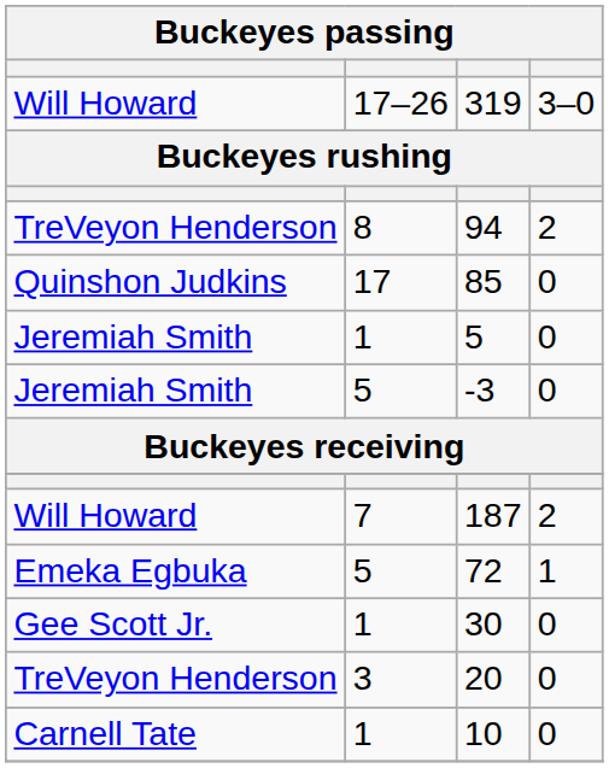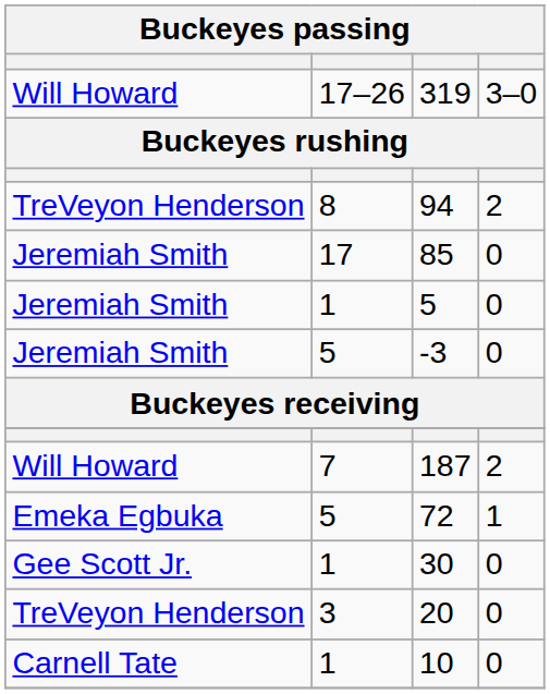 <table class="wikitable plainrowheaders">
 <tr>
 <th colspan="6">Buckeyes passing</th>
 </tr>
 <tr>
 <th scope="col"></th>
 <th scope="col"></th>
 <th scope="col"></th>
 <th scope="col"></th>
 </tr>
 <tr>
 <td><a href='#'>Will Howard</a></td>
 <td>17–26</td>
 <td>319</td>
 <td>3–0</td>
 </tr>
 <tr>
 <th colspan="6">Buckeyes rushing</th>
 </tr>
 <tr>
 <th scope="col"></th>
 <th scope="col"></th>
 <th scope="col"></th>
 <th scope="col"></th>
 </tr>
 <tr>
 <td><a href='#'>TreVeyon Henderson</a></td>
 <td>8</td>
 <td>94</td>
 <td>2</td>
 </tr>
 <tr>
-<td><a href='#'>Quinshon Judkins</a></td>
+<td><a href='#'>Jeremiah Smith</a></td>
 <td>17</td>
 <td>85</td>
 <td>0</td>
 </tr>
 <tr>
 <td><a href='#'>Jeremiah Smith</a></td>
 <td>1</td>
 <td>5</td>
 <td>0</td>
 </tr>
 <tr>
 <td><a href='#'>Jeremiah Smith</a></td>
 <td>5</td>
 <td>-3</td>
 <td>0</td>
 </tr>
 <tr>
 <th colspan="6">Buckeyes receiving</th>
 </tr>
 <tr>
 </tr>
 <tr>
 <th scope="col"></th>
 <th scope="col"></th>
 <th scope="col"></th>
 <th scope="col"></th>
 </tr>
 <tr>
 <td><a href='#'>Will Howard</a></td>
 <td>7</td>
 <td>187</td>
 <td>2</td>
 </tr>
 <tr>
 <td><a href='#'>Emeka Egbuka</a></td>
 <td>5</td>
 <td>72</td>
 <td>1</td>
 </tr>
 <tr>
 <td><a href='#'>Gee Scott Jr.</a></td>
 <td>1</td>
 <td>30</td>
 <td>0</td>
 </tr>
 <tr>
 <td><a href='#'>TreVeyon Henderson</a></td>
 <td>3</td>
 <td>20</td>
 <td>0</td>
 </tr>
 <tr>
 <td><a href='#'>Carnell Tate</a></td>
 <td>1</td>
 <td>10</td>
 <td>0</td>
 </tr>
 <tr>
 </tr>
 </table>
